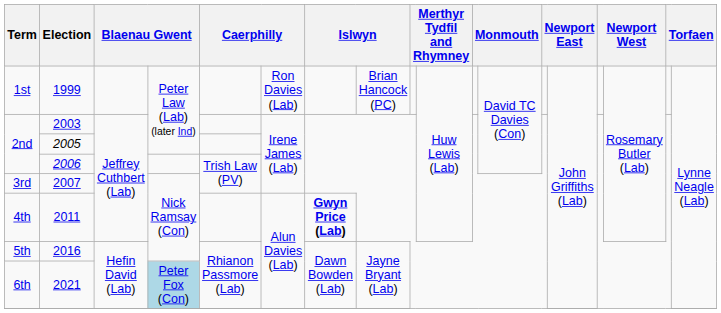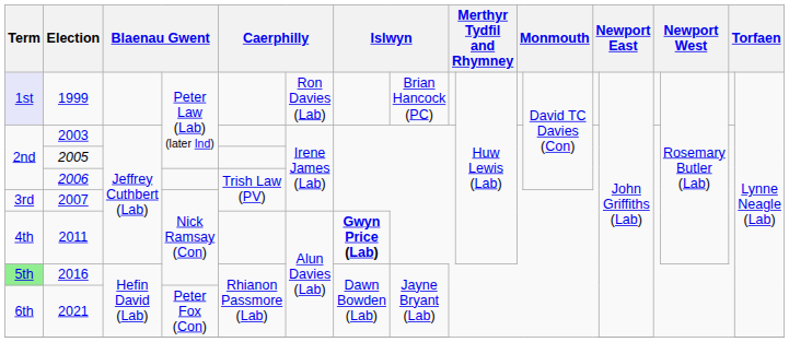 <table class="wikitable" style="text-align:center">
 <tr>
 <th>Term</th>
 <th>Election</th>
 <th colspan="2"><a href='#'>Blaenau Gwent</a></th>
 <th colspan="2"><a href='#'>Caerphilly</a></th>
 <th colspan="2"><a href='#'>Islwyn</a></th>
 <th colspan="2"><a href='#'>Merthyr Tydfil<br>and Rhymney</a></th>
 <th colspan="2"><a href='#'>Monmouth</a></th>
 <th colspan="2"><a href='#'>Newport East</a></th>
 <th colspan="2"><a href='#'>Newport West</a></th>
 <th colspan="2"><a href='#'>Torfaen</a></th>
 </tr>
 <tr>
-<td><a href='#'>1st</a></td>
+<td style="background: lavender;"><a href='#'>1st</a></td>
 <td><a href='#'>1999</a></td>
 <td></td>
 <td rowspan="3"><a href='#'>Peter Law</a><br>(<a href='#'>Lab</a>)<br><small>(later <a href='#'>Ind</a>)</small></td>
 <td></td>
 <td><a href='#'>Ron Davies</a><br>(<a href='#'>Lab</a>)</td>
 <td style="color:inherit;background:"></td>
 <td><a href='#'>Brian Hancock</a><br>(<a href='#'>PC</a>)</td>
 <td></td>
 <td rowspan="6"><a href='#'>Huw Lewis</a><br>(<a href='#'>Lab</a>)</td>
 <td></td>
 <td rowspan="4"><a href='#'>David TC Davies</a><br>(<a href='#'>Con</a>)</td>
 <td></td>
 <td rowspan="8"><a href='#'>John Griffiths</a><br>(<a href='#'>Lab</a>)</td>
 <td></td>
 <td rowspan="6"><a href='#'>Rosemary Butler</a><br>(<a href='#'>Lab</a>)</td>
 <td></td>
 <td rowspan="8"><a href='#'>Lynne Neagle</a><br>(<a href='#'>Lab</a>)</td>
 </tr>
 <tr>
 <td rowspan="3"><a href='#'>2nd</a></td>
 <td><a href='#'>2003</a></td>
 <td rowspan="5"><a href='#'>Jeffrey Cuthbert</a><br>(<a href='#'>Lab</a>)</td>
 <td></td>
 <td rowspan="4"><a href='#'>Irene James</a><br>(<a href='#'>Lab</a>)</td>
 </tr>
 <tr>
 <td><em>2005</em></td>
 <td style="color:inherit;background:"></td>
 </tr>
 <tr>
 <td><em><a href='#'>2006</a></em></td>
 <td></td>
 <td rowspan="2"><a href='#'>Trish Law</a><br>(<a href='#'>PV</a>)</td>
 </tr>
 <tr>
 <td><a href='#'>3rd</a></td>
 <td><a href='#'>2007</a></td>
 <td rowspan="3"><a href='#'>Nick Ramsay</a><br>(<a href='#'>Con</a>)</td>
 </tr>
 <tr>
 <td><a href='#'>4th</a></td>
 <td><a href='#'>2011</a></td>
 <td></td>
 <td rowspan="3"><a href='#'>Alun Davies</a><br>(<a href='#'>Lab</a>)</td>
 <td><strong><a href='#'>Gwyn Price</a><br>(<a href='#'>Lab</a>)</strong></td>
 </tr>
 <tr>
-<td><a href='#'>5th</a></td>
+<td style="background: lightgreen;"><a href='#'>5th</a></td>
 <td><a href='#'>2016</a></td>
 <td rowspan="2"><a href='#'>Hefin David</a><br>(<a href='#'>Lab</a>)</td>
 <td rowspan="2"><a href='#'>Rhianon Passmore</a><br>(<a href='#'>Lab</a>)</td>
 <td rowspan="2"><a href='#'>Dawn Bowden</a><br>(<a href='#'>Lab</a>)</td>
 <td rowspan="2"><a href='#'>Jayne Bryant</a><br>(<a href='#'>Lab</a>)</td>
 </tr>
 <tr>
 <td><a href='#'>6th</a></td>
 <td><a href='#'>2021</a></td>
-<td style="background: lightblue;"><a href='#'>Peter Fox</a><br>(<a href='#'>Con</a>)</td>
+<td><a href='#'>Peter Fox</a><br>(<a href='#'>Con</a>)</td>
 </tr>
 <tr>
 </tr>
 </table>
